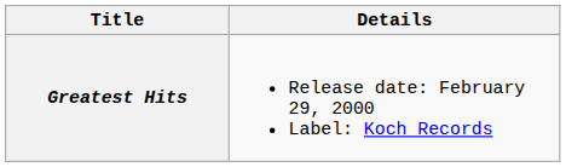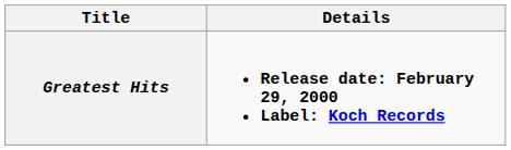 <table class="wikitable plainrowheaders">
 <tr>
 <th style="width:12em;">Title</th>
 <th style="width:18em;">Details</th>
 </tr>
 <tr>
 <th scope="row"><em>Greatest Hits</em></th>
-<td><br><ul><li>Release date: February 29, 2000</li><li>Label: <a href='#'>Koch Records</a></li></ul></td>
+<td><strong><br><ul><li>Release date: February 29, 2000</li><li>Label: <a href='#'>Koch Records</a></li></ul></strong></td>
 </tr>
 </table>
